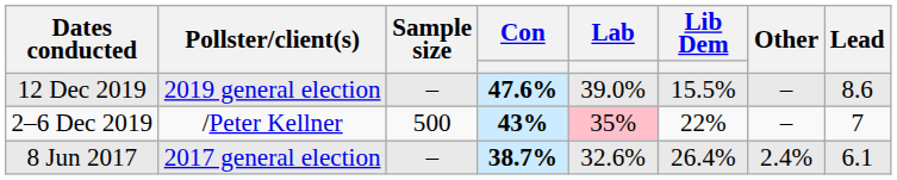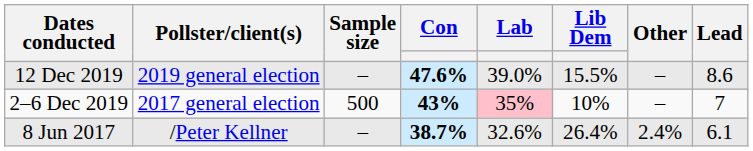 <table class="wikitable sortable mw-datatable" style="text-align:center;line-height:14px;">
 <tr>
 <th rowspan="2">Dates<br>conducted</th>
 <th rowspan="2">Pollster/client(s)</th>
 <th rowspan="2" data-sort-type="number">Sample<br>size</th>
 <th class="unsortable" style="width:50px;"><a href='#'>Con</a></th>
 <th class="unsortable" style="width:50px;"><a href='#'>Lab</a></th>
 <th class="unsortable" style="width:50px;"><a href='#'>Lib Dem</a></th>
 <th rowspan="2" class="unsortable">Other</th>
 <th rowspan="2" data-sort-type="number">Lead</th>
 </tr>
 <tr>
 <th data-sort-type="number" style="background:"></th>
 <th data-sort-type="number" style="background:"></th>
 <th data-sort-type="number" style="background:"></th>
 </tr>
 <tr style="background:#E9E9E9;">
 <td data-sort-value="2017-06-08">12 Dec 2019</td>
 <td><a href='#'>2019 general election</a></td>
 <td>–</td>
 <td style="background:#CCEBFF;"><strong>47.6%</strong></td>
 <td>39.0%</td>
 <td>15.5%</td>
 <td>–</td>
 <td style="background:">8.6</td>
 </tr>
 <tr>
 <td data-sort-value="2019-11-13">2–6 Dec 2019</td>
-<td>/<a href='#'>Peter Kellner</a></td>
+<td><a href='#'>2017 general election</a></td>
 <td>500</td>
 <td style="background:#CCEBFF;"><strong>43%</strong></td>
 <td style="background: pink;">35%</td>
-<td>22%</td>
+<td>10%</td>
 <td>–</td>
 <td style="background:">7</td>
 </tr>
 <tr style="background:#E9E9E9;">
 <td data-sort-value="2017-06-08">8 Jun 2017</td>
-<td><a href='#'>2017 general election</a></td>
+<td>/<a href='#'>Peter Kellner</a></td>
 <td>–</td>
 <td style="background:#CCEBFF;"><strong>38.7%</strong></td>
 <td>32.6%</td>
 <td>26.4%</td>
 <td>2.4%</td>
 <td style="background:">6.1</td>
 </tr>
 </table>
